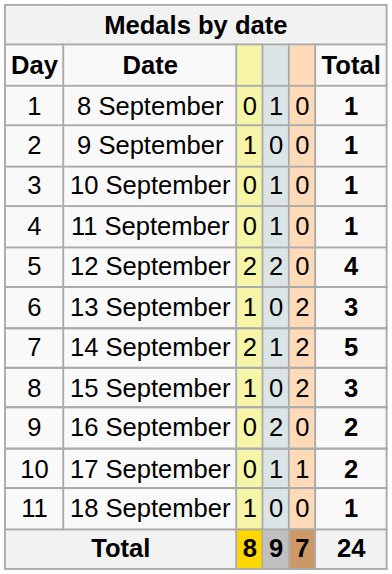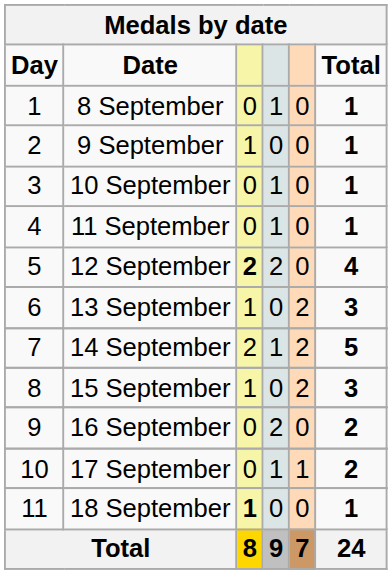 <table class="wikitable" style="font-size:85%">
 <tr style="background:#efefef;">
 <th colspan=6>Medals by date</th>
 </tr>
 <tr style="text-align:center;">
 <td><strong>Day</strong></td>
 <td><strong>Date</strong></td>
 <td style="background:#F7F6A8;"></td>
 <td style="background:#DCE5E5;"></td>
 <td style="background:#FFDAB9;"></td>
 <td><strong>Total</strong></td>
 </tr>
 <tr style="text-align:center;">
 <td>1</td>
 <td>8 September</td>
 <td style="background:#F7F6A8;">0</td>
 <td style="background:#DCE5E5;">1</td>
 <td style="background:#FFDAB9;">0</td>
 <td><strong>1</strong></td>
 </tr>
 <tr style="text-align:center;">
 <td>2</td>
 <td>9 September</td>
 <td style="background:#F7F6A8;">1</td>
 <td style="background:#DCE5E5;">0</td>
 <td style="background:#FFDAB9;">0</td>
 <td><strong>1</strong></td>
 </tr>
 <tr style="text-align:center;">
 <td>3</td>
 <td>10 September</td>
 <td style="background:#F7F6A8;">0</td>
 <td style="background:#DCE5E5;">1</td>
 <td style="background:#FFDAB9;">0</td>
 <td><strong>1</strong></td>
 </tr>
 <tr style="text-align:center;">
 <td>4</td>
 <td>11 September</td>
 <td style="background:#F7F6A8;">0</td>
 <td style="background:#DCE5E5;">1</td>
 <td style="background:#FFDAB9;">0</td>
 <td><strong>1</strong></td>
 </tr>
 <tr style="text-align:center;">
 <td>5</td>
 <td>12 September</td>
-<td style="background:#F7F6A8;">2</td>
+<td style="background:#F7F6A8;"><strong>2</strong></td>
 <td style="background:#DCE5E5;">2</td>
 <td style="background:#FFDAB9;">0</td>
 <td><strong>4</strong></td>
 </tr>
 <tr>
 </tr>
 <tr style="text-align:center;">
 <td>6</td>
 <td>13 September</td>
 <td style="background:#F7F6A8;">1</td>
 <td style="background:#DCE5E5;">0</td>
 <td style="background:#FFDAB9;">2</td>
 <td><strong>3</strong></td>
 </tr>
 <tr>
 </tr>
 <tr style="text-align:center;">
 <td>7</td>
 <td>14 September</td>
 <td style="background:#F7F6A8;">2</td>
 <td style="background:#DCE5E5;">1</td>
 <td style="background:#FFDAB9;">2</td>
 <td><strong>5</strong></td>
 </tr>
 <tr>
 </tr>
 <tr style="text-align:center;">
 <td>8</td>
 <td>15 September</td>
 <td style="background:#F7F6A8;">1</td>
 <td style="background:#DCE5E5;">0</td>
 <td style="background:#FFDAB9;">2</td>
 <td><strong>3</strong></td>
 </tr>
 <tr>
 </tr>
 <tr style="text-align:center;">
 <td>9</td>
 <td>16 September</td>
 <td style="background:#F7F6A8;">0</td>
 <td style="background:#DCE5E5;">2</td>
 <td style="background:#FFDAB9;">0</td>
 <td><strong>2</strong></td>
 </tr>
 <tr>
 </tr>
 <tr style="text-align:center;">
 <td>10</td>
 <td>17 September</td>
 <td style="background:#F7F6A8;">0</td>
 <td style="background:#DCE5E5;">1</td>
 <td style="background:#FFDAB9;">1</td>
 <td><strong>2</strong></td>
 </tr>
 <tr>
 </tr>
 <tr style="text-align:center;">
 <td>11</td>
 <td>18 September</td>
-<td style="background:#F7F6A8;">1</td>
+<td style="background:#F7F6A8;"><strong>1</strong></td>
 <td style="background:#DCE5E5;">0</td>
 <td style="background:#FFDAB9;">0</td>
 <td><strong>1</strong></td>
 </tr>
 <tr>
 <th colspan="2">Total</th>
 <th style="background:gold;">8</th>
 <th style="background:silver;">9</th>
 <th style="background:#c96;">7</th>
 <th>24</th>
 </tr>
 </table>
